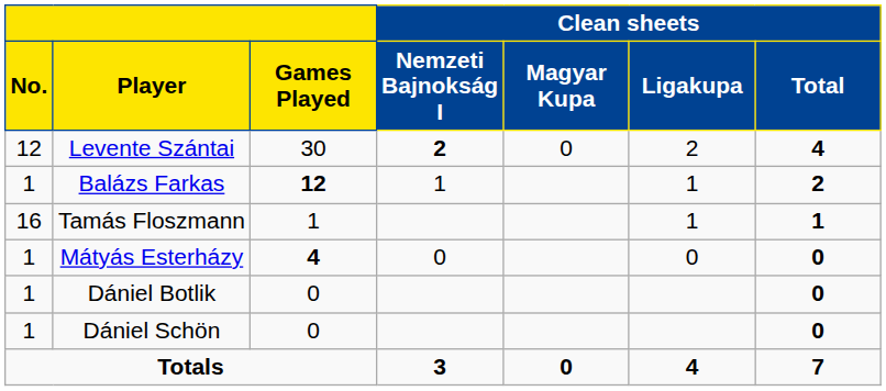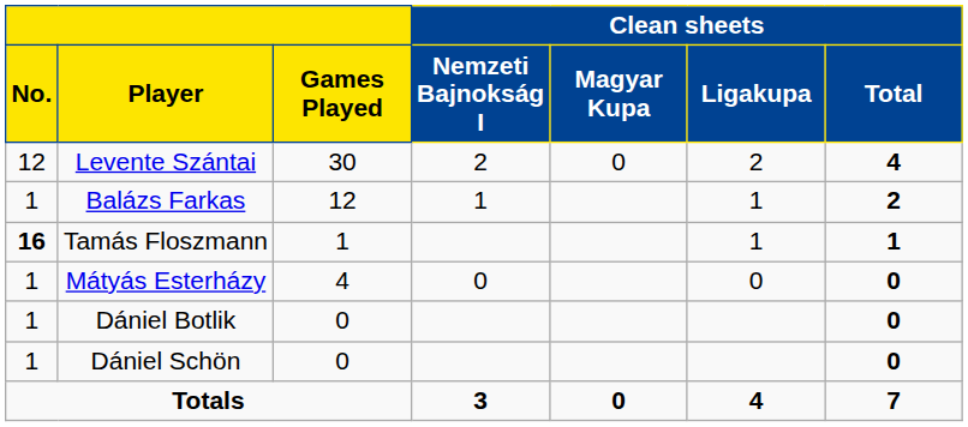 <table class="wikitable sortable alternance" style="text-align:center">
 <tr>
 <th colspan="3" style="background:#FDE500;border:1px solid #004292"></th>
 <th colspan="4" style="background:#004292;color:white;border:1px solid #FDE500">Clean sheets</th>
 </tr>
 <tr>
 <th style="background-color:#FDE500;color:black;border:1px solid #004292">No.</th>
 <th style="background-color:#FDE500;color:black;border:1px solid #004292">Player</th>
 <th width=80 style="background-color:#FDE500;color:black;border:1px solid #004292">Games Played</th>
 <th width=80 style="background-color:#004292;color:white;border:1px solid #FDE500">Nemzeti Bajnokság I</th>
 <th width=80 style="background-color:#004292;color:white;border:1px solid #FDE500">Magyar Kupa</th>
 <th width=80 style="background-color:#004292;color:white;border:1px solid #FDE500">Ligakupa</th>
 <th width=80 style="background-color:#004292;color:white;border:1px solid #FDE500">Total</th>
 </tr>
 <tr>
 <td>12</td>
 <td> <a href='#'>Levente Szántai</a></td>
 <td>30</td>
-<td><strong>2</strong></td>
+<td>2</td>
 <td>0</td>
 <td>2</td>
 <td><strong>4</strong></td>
 </tr>
 <tr>
 <td>1</td>
 <td> <a href='#'>Balázs Farkas</a></td>
-<td><strong>12</strong></td>
+<td>12</td>
 <td>1</td>
 <td></td>
 <td>1</td>
 <td><strong>2</strong></td>
 </tr>
 <tr>
-<td>16</td>
+<td><strong>16</strong></td>
 <td> Tamás Floszmann</td>
 <td>1</td>
 <td></td>
 <td></td>
 <td>1</td>
 <td><strong>1</strong></td>
 </tr>
 <tr>
 <td>1</td>
 <td> <a href='#'>Mátyás Esterházy</a></td>
-<td><strong>4</strong></td>
+<td>4</td>
 <td>0</td>
 <td></td>
 <td>0</td>
 <td><strong>0</strong></td>
 </tr>
 <tr>
 <td>1</td>
 <td> Dániel Botlik</td>
 <td>0</td>
 <td></td>
 <td></td>
 <td></td>
 <td><strong>0</strong></td>
 </tr>
 <tr>
 <td>1</td>
 <td> Dániel Schön</td>
 <td>0</td>
 <td></td>
 <td></td>
 <td></td>
 <td><strong>0</strong></td>
 </tr>
 <tr class="sortbottom">
 <td colspan="3"><strong>Totals</strong></td>
 <td><strong>3</strong></td>
 <td><strong>0</strong></td>
 <td><strong>4</strong></td>
 <td><strong>7</strong></td>
 </tr>
 </table>
